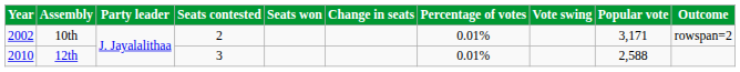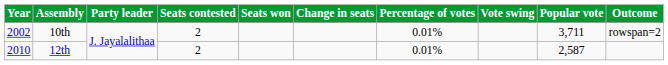 <table class="wikitable sortable" style="text-align:center">
 <tr>
 <th style="background-color:#009933;color:white">Year</th>
 <th style="background-color:#009933;color:white">Assembly</th>
 <th style="background-color:#009933;color:white">Party leader</th>
 <th style="background-color:#009933;color:white">Seats contested</th>
 <th style="background-color:#009933;color:white">Seats won</th>
 <th style="background-color:#009933;color:white">Change in seats</th>
 <th style="background-color:#009933;color:white">Percentage of votes</th>
 <th style="background-color:#009933;color:white">Vote swing</th>
 <th style="background-color:#009933;color:white">Popular vote</th>
 <th style="background-color:#009933;color:white">Outcome</th>
 </tr>
 <tr>
 <td><a href='#'>2002</a></td>
 <td>10th</td>
 <td rowspan=2><a href='#'>J.&nbsp;Jayalalithaa</a></td>
 <td>2</td>
 <td></td>
 <td></td>
 <td>0.01%</td>
 <td></td>
-<td>3,171</td>
+<td>3,711</td>
 <td>rowspan=2 </td>
 </tr>
 <tr>
 <td><a href='#'>2010</a></td>
 <td><a href='#'>12th</a></td>
-<td>3</td>
+<td>2</td>
 <td></td>
 <td></td>
 <td>0.01%</td>
 <td></td>
-<td>2,588</td>
+<td>2,587</td>
 </tr>
 </table>
